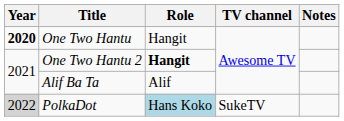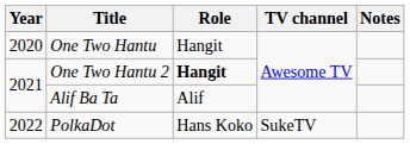 <table class="wikitable">
 <tr>
 <th>Year</th>
 <th>Title</th>
 <th>Role</th>
 <th>TV channel</th>
 <th>Notes</th>
 </tr>
 <tr>
-<td><strong>2020</strong></td>
+<td>2020</td>
 <td><em>One Two Hantu</em></td>
 <td>Hangit</td>
 <td rowspan="3"><a href='#'>Awesome TV</a></td>
 <td></td>
 </tr>
 <tr>
 <td rowspan="2">2021</td>
 <td><em>One Two Hantu 2</em></td>
 <td><strong>Hangit</strong></td>
 <td></td>
 </tr>
 <tr>
 <td><em>Alif Ba Ta</em></td>
 <td>Alif</td>
 <td></td>
 </tr>
 <tr>
-<td style="background: lightgrey;">2022</td>
+<td>2022</td>
 <td><em>PolkaDot</em></td>
-<td style="background: lightblue;">Hans Koko</td>
+<td>Hans Koko</td>
 <td>SukeTV</td>
 <td></td>
 </tr>
 </table>
